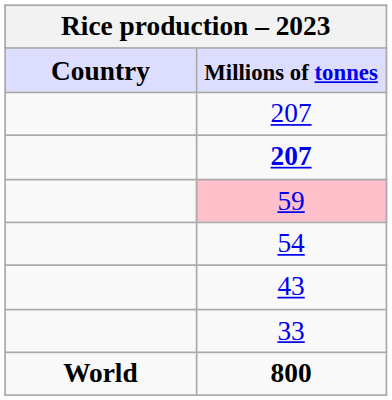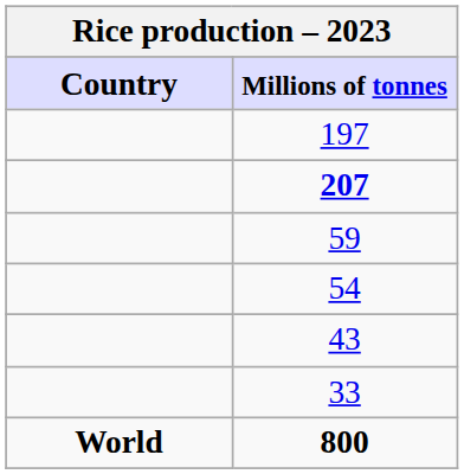 <table class="wikitable" style="float:right; clear:right; width:14em; text-align:center; margin-right:1em;">
 <tr>
 <th colspan=2>Rice production – 2023</th>
 </tr>
 <tr>
 <th style="background:#ddf; width:50%;">Country</th>
 <th style="background:#ddf; width:50%;"><small> Millions of <a href='#'>tonnes</a> </small></th>
 </tr>
 <tr>
 <td></td>
-<td><a href='#'>207</a></td>
+<td><a href='#'>197</a></td>
 </tr>
 <tr>
 <td></td>
 <td><strong><a href='#'>207</a></strong></td>
 </tr>
 <tr>
 <td></td>
-<td style="background: pink;"><a href='#'>59</a></td>
+<td><a href='#'>59</a></td>
 </tr>
 <tr>
 <td></td>
 <td><a href='#'>54</a></td>
 </tr>
 <tr>
 <td></td>
 <td><a href='#'>43</a></td>
 </tr>
 <tr>
 <td></td>
 <td><a href='#'>33</a></td>
 </tr>
 <tr>
 <td><strong>World</strong></td>
 <td><strong>800</strong></td>
 </tr>
 </table>
